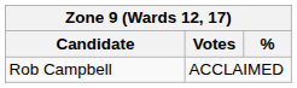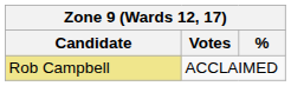 <table class="wikitable">
 <tr>
 <th colspan="3">Zone 9 (Wards 12, 17)</th>
 </tr>
 <tr>
 <th style="width: 170px">Candidate</th>
 <th style="width: 50px">Votes</th>
 <th style="width: 40px">%</th>
 </tr>
 <tr>
-<td>Rob Campbell</td>
+<td style="background: khaki;">Rob Campbell</td>
 <td colspan="2">ACCLAIMED</td>
 </tr>
 </table>
